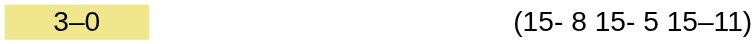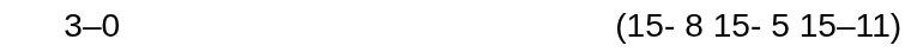 <table>
 <tr>
 <th width=200></th>
 <th width=200></th>
 <th width=80></th>
 <th width=200></th>
 <th width=220></th>
 </tr>
 <tr>
 <td align=right></td>
 <td align=right><strong></strong></td>
-<td align=center style="background: khaki;">3–0</td>
+<td align=center>3–0</td>
 <td></td>
 <td>(15- 8 15- 5 15–11)</td>
 </tr>
 </table>
